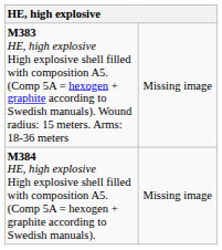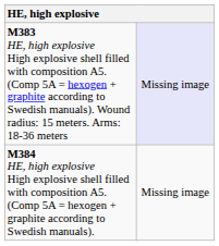 <table class="wikitable mw-collapsible mw-collapsed" style="width: 33%;">
 <tr>
 <th colspan="2" style="text-align: left;">HE, high explosive</th>
 </tr>
 <tr>
 <td><strong>M383</strong><br><em>HE, high explosive</em><br>High explosive shell filled with composition A5. (Comp 5A = <a href='#'>hexogen</a> + <a href='#'>graphite</a> according to Swedish manuals). Wound radius: 15 meters. Arms: 18-36 meters</td>
-<td style="text-align: center; vertical-align: center;">Missing image</td>
+<td style="background: lavender; text-align: center; vertical-align: center;">Missing image</td>
 </tr>
 <tr>
 <td><strong>M384</strong><br><em>HE, high explosive</em><br>High explosive shell filled with composition A5. (Comp 5A = hexogen + graphite according to Swedish manuals).</td>
 <td style="width: 100px; text-align: center; vertical-align: center;">Missing image</td>
 </tr>
 </table>
